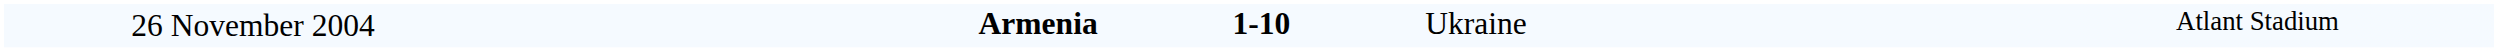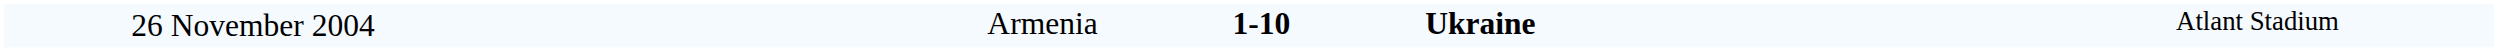 <table style="width: 100%; background:#F5FAFF;" cellspacing="0">
 <tr>
 <td align=center rowspan=3 width=20%>26 November 2004</td>
 </tr>
 <tr>
-<td width=24% align=right><strong>Armenia </strong></td>
+<td width=24% align=right>Armenia </td>
 <td align=center width=13%><strong>1-10</strong></td>
-<td width=24%> Ukraine</td>
+<td width=24%><strong> Ukraine</strong></td>
 <td style=font-size:85% rowspan=3 valign=top align=center>Atlant Stadium</td>
 </tr>
 <tr style=font-size:85%>
 <td align=right valign=top></td>
 <td></td>
 <td></td>
 </tr>
 </table>
